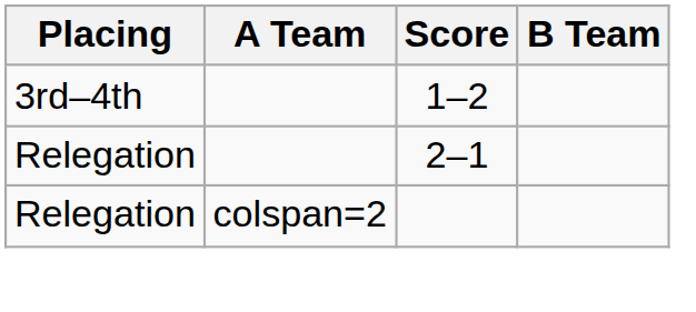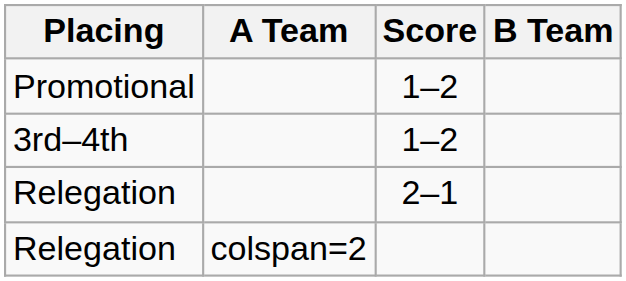 <table class=wikitable style="border:1px solid #AAAAAA;">
 <tr>
 <th>Placing</th>
 <th>A Team</th>
 <th>Score</th>
 <th>B Team</th>
+</tr>
+<tr>
+<td>Promotional</td>
+<td></td>
+<td align="center">1–2</td>
+<td><strong></strong></td>
 </tr>
 <tr>
 <td>3rd–4th</td>
 <td></td>
 <td align="center">1–2</td>
 <td><strong></strong></td>
 </tr>
 <tr>
 <td>Relegation</td>
 <td><strong></strong></td>
 <td align="center">2–1</td>
 <td><em></em></td>
 </tr>
 <tr>
 <td>Relegation</td>
 <td>colspan=2 </td>
 <td><em></em></td>
 </tr>
 </table>
